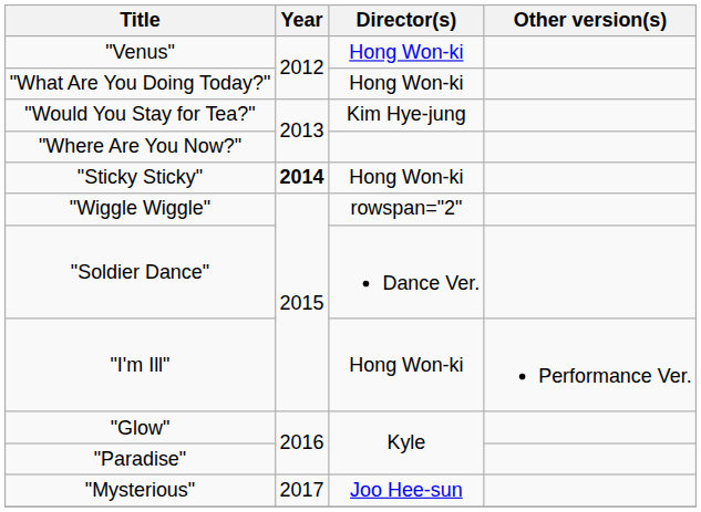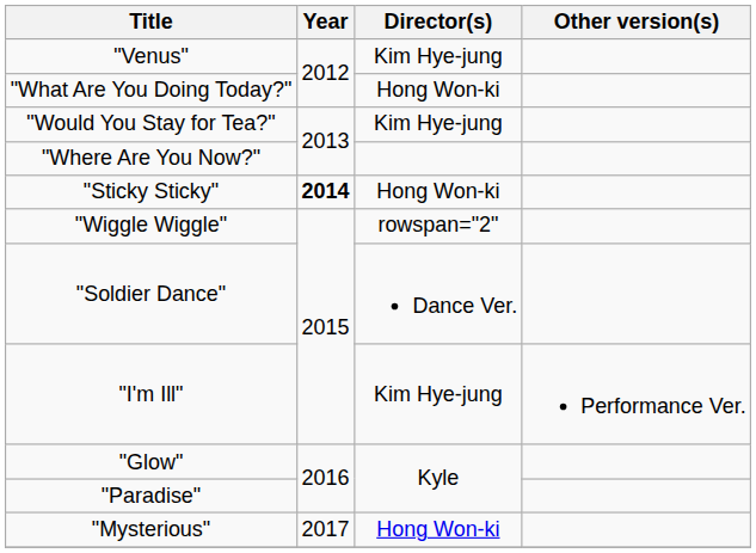 <table class="wikitable plainrowheaders" style="text-align:center;">
 <tr>
 <th scope="col">Title</th>
 <th scope="col">Year</th>
 <th scope="col">Director(s)</th>
 <th scope="col">Other version(s)</th>
 </tr>
 <tr>
 <td>"Venus"</td>
 <td rowspan="2">2012</td>
-<td><a href='#'>Hong Won-ki</a></td>
+<td>Kim Hye-jung</td>
 <td></td>
 </tr>
 <tr>
 <td>"What Are You Doing Today?"</td>
 <td>Hong Won-ki</td>
 <td></td>
 </tr>
 <tr>
 <td>"Would You Stay for Tea?"</td>
 <td rowspan="2">2013</td>
 <td>Kim Hye-jung</td>
 <td></td>
 </tr>
 <tr>
 <td>"Where Are You Now?"</td>
 <td></td>
 <td></td>
 </tr>
 <tr>
 <td>"Sticky Sticky"</td>
 <td><strong>2014</strong></td>
 <td>Hong Won-ki</td>
 <td></td>
 </tr>
 <tr>
 <td>"Wiggle Wiggle"</td>
 <td rowspan="3">2015</td>
 <td>rowspan="2" </td>
 <td></td>
 </tr>
 <tr>
 <td>"Soldier Dance"</td>
 <td><br><ul><li>Dance Ver.</li></ul></td>
 </tr>
 <tr>
 <td>"I'm Ill"</td>
-<td>Hong Won-ki</td>
+<td>Kim Hye-jung</td>
 <td><br><ul><li>Performance Ver.</li></ul></td>
 </tr>
 <tr>
 <td>"Glow"</td>
 <td rowspan="2">2016</td>
 <td rowspan="2">Kyle</td>
 <td></td>
 </tr>
 <tr>
 <td>"Paradise"</td>
 <td></td>
 </tr>
 <tr>
 <td>"Mysterious"</td>
 <td>2017</td>
-<td><a href='#'>Joo Hee-sun</a></td>
+<td><a href='#'>Hong Won-ki</a></td>
 <td></td>
 </tr>
 <tr>
 </tr>
 </table>
